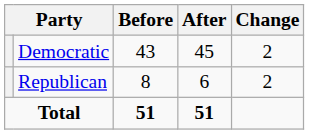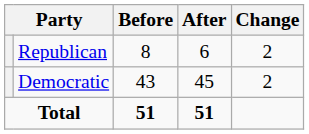 <table class="wikitable" style="text-align:center;">
 <tr>
 <th colspan="2">Party</th>
 <th>Before</th>
 <th>After</th>
 <th>Change</th>
 </tr>
 <tr>
 <th style="background-color:"></th>
-<td style="text-align:left;"><a href='#'>Democratic</a></td>
-<td>43</td>
-<td>45</td>
+<td style="text-align:left;"><a href='#'>Republican</a></td>
+<td>8</td>
+<td>6</td>
 <td> 2</td>
 </tr>
 <tr>
 <th style="background-color:"></th>
-<td style="text-align:left;"><a href='#'>Republican</a></td>
-<td>8</td>
-<td>6</td>
+<td style="text-align:left;"><a href='#'>Democratic</a></td>
+<td>43</td>
+<td>45</td>
 <td> 2</td>
 </tr>
 <tr>
 <td colspan="2"><strong>Total</strong></td>
 <td><strong>51</strong></td>
 <td><strong>51</strong></td>
 <td></td>
 </tr>
 </table>
